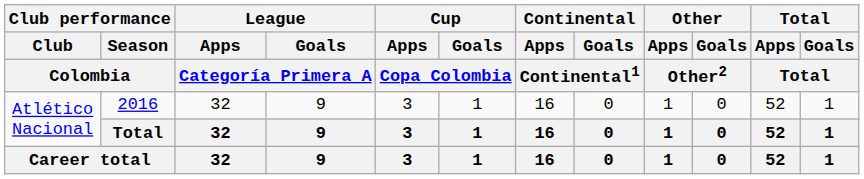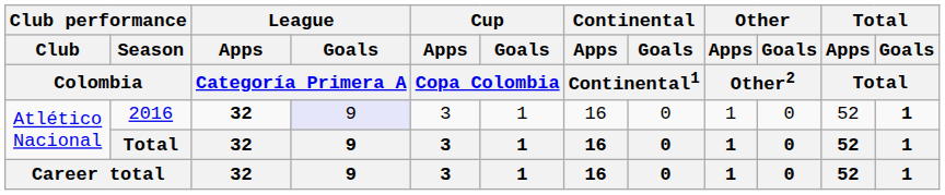 <table class="wikitable" style="text-align:center">
 <tr>
 <th colspan=2>Club performance</th>
 <th colspan=2>League</th>
 <th colspan=2>Cup</th>
 <th colspan=2>Continental</th>
 <th colspan=2>Other</th>
 <th colspan=2>Total</th>
 </tr>
 <tr>
 <th>Club</th>
 <th>Season</th>
 <th>Apps</th>
 <th>Goals</th>
 <th>Apps</th>
 <th>Goals</th>
 <th>Apps</th>
 <th>Goals</th>
 <th>Apps</th>
 <th>Goals</th>
 <th>Apps</th>
 <th>Goals</th>
 </tr>
 <tr>
 <th colspan=2>Colombia</th>
 <th colspan=2><a href='#'>Categoría Primera A</a></th>
 <th colspan=2><a href='#'>Copa Colombia</a></th>
 <th colspan=2>Continental<sup>1</sup></th>
 <th colspan=2>Other<sup>2</sup></th>
 <th colspan=2>Total</th>
 </tr>
 <tr>
 <td rowspan="2"><a href='#'>Atlético<br>Nacional</a></td>
 <td><a href='#'>2016</a></td>
-<td>32</td>
-<td>9</td>
+<td><strong>32</strong></td>
+<td style="background: lavender;">9</td>
 <td>3</td>
 <td>1</td>
 <td>16</td>
 <td>0</td>
 <td>1</td>
 <td>0</td>
 <td>52</td>
-<td>1</td>
+<td><strong>1</strong></td>
 </tr>
 <tr>
 <th rowspan=1>Total</th>
 <th>32</th>
 <th>9</th>
 <th>3</th>
 <th>1</th>
 <th>16</th>
 <th>0</th>
 <th>1</th>
 <th>0</th>
 <th>52</th>
 <th>1</th>
 </tr>
 <tr>
 <th colspan=2>Career total</th>
 <th>32</th>
 <th>9</th>
 <th>3</th>
 <th>1</th>
 <th>16</th>
 <th>0</th>
 <th>1</th>
 <th>0</th>
 <th>52</th>
 <th>1</th>
 </tr>
 </table>
